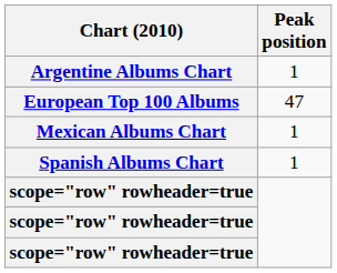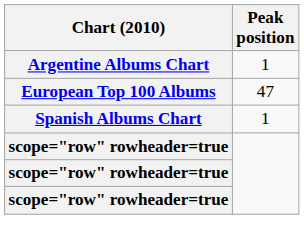 <table class="wikitable sortable plainrowheaders">
 <tr>
 <th align="left">Chart (2010)</th>
 <th align="left">Peak<br>position</th>
 </tr>
 <tr>
 <th scope="row"><a href='#'>Argentine Albums Chart</a></th>
 <td align="center">1</td>
 </tr>
 <tr>
 <th scope="row"><a href='#'>European Top 100 Albums</a></th>
 <td style="text-align:center;">47</td>
-</tr>
-<tr>
-<th scope="row"><a href='#'>Mexican Albums Chart</a></th>
-<td align="center">1</td>
 </tr>
 <tr>
 <th scope="row"><a href='#'>Spanish Albums Chart</a></th>
 <td align="center">1</td>
 </tr>
 <tr>
 <th>scope="row" rowheader=true</th>
 </tr>
 <tr>
 <th>scope="row" rowheader=true</th>
 </tr>
 <tr>
 <th>scope="row" rowheader=true</th>
 </tr>
 </table>
